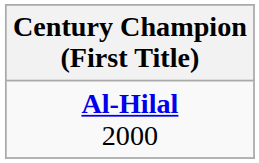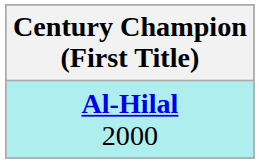 <table class="wikitable" style="text-align: center; margin: 0 auto;">
 <tr>
 <th>Century Champion<br>(First Title)</th>
 </tr>
 <tr>
-<td><strong><a href='#'>Al-Hilal</a></strong><br>2000</td>
+<td style="background: paleturquoise;"><strong><a href='#'>Al-Hilal</a></strong><br>2000</td>
 </tr>
 </table>
